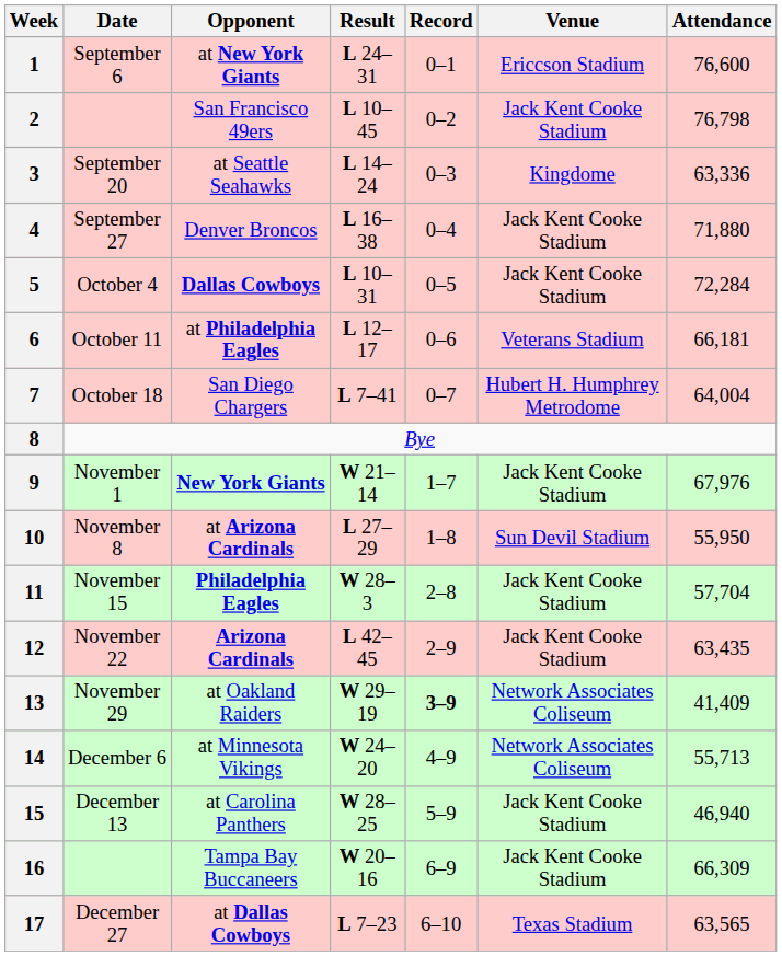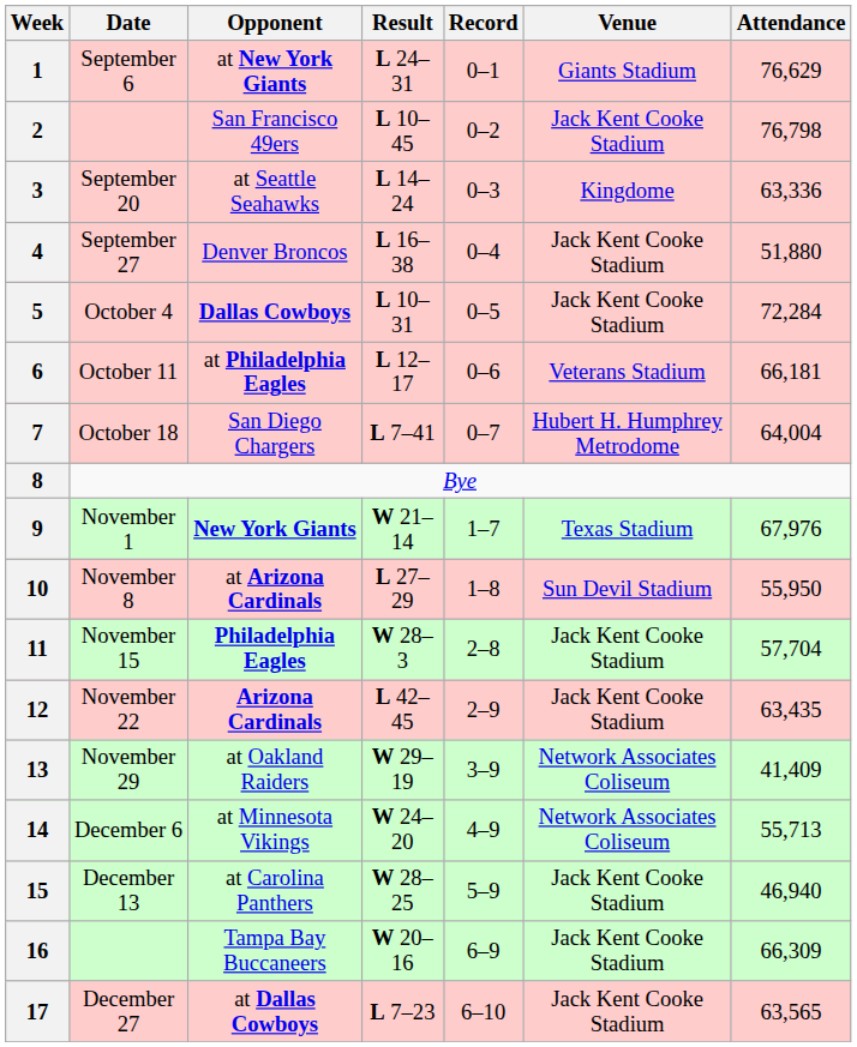 <table class="wikitable" style="text-align:center">
 <tr>
 <th>Week</th>
 <th>Date</th>
 <th>Opponent</th>
 <th>Result</th>
 <th>Record</th>
 <th>Venue</th>
 <th>Attendance</th>
 </tr>
 <tr style="background:#fcc">
 <th>1</th>
 <td>September 6</td>
 <td>at <strong><a href='#'>New York Giants</a></strong></td>
 <td><strong>L</strong> 24–31</td>
 <td>0–1</td>
-<td><a href='#'>Ericcson Stadium</a></td>
-<td>76,600</td>
+<td><a href='#'>Giants Stadium</a></td>
+<td>76,629</td>
 </tr>
 <tr style="background:#fcc">
 <th>2</th>
 <td></td>
 <td><a href='#'>San Francisco 49ers</a></td>
 <td><strong>L</strong> 10–45</td>
 <td>0–2</td>
 <td><a href='#'>Jack Kent Cooke Stadium</a></td>
 <td>76,798</td>
 </tr>
 <tr style="background:#fcc">
 <th>3</th>
 <td>September 20</td>
 <td>at <a href='#'>Seattle Seahawks</a></td>
 <td><strong>L</strong> 14–24</td>
 <td>0–3</td>
 <td><a href='#'>Kingdome</a></td>
 <td>63,336</td>
 </tr>
 <tr style="background:#fcc">
 <th>4</th>
 <td>September 27</td>
 <td><a href='#'>Denver Broncos</a></td>
 <td><strong>L</strong> 16–38</td>
 <td>0–4</td>
 <td>Jack Kent Cooke Stadium</td>
-<td>71,880</td>
+<td>51,880</td>
 </tr>
 <tr style="background:#fcc">
 <th>5</th>
 <td>October 4</td>
 <td><strong><a href='#'>Dallas Cowboys</a></strong></td>
 <td><strong>L</strong> 10–31</td>
 <td>0–5</td>
 <td>Jack Kent Cooke Stadium</td>
 <td>72,284</td>
 </tr>
 <tr style="background:#fcc">
 <th>6</th>
 <td>October 11</td>
 <td>at <strong><a href='#'>Philadelphia Eagles</a></strong></td>
 <td><strong>L</strong> 12–17</td>
 <td>0–6</td>
 <td><a href='#'>Veterans Stadium</a></td>
 <td>66,181</td>
 </tr>
 <tr style="background:#fcc">
 <th>7</th>
 <td>October 18</td>
 <td><a href='#'>San Diego Chargers</a></td>
 <td><strong>L</strong> 7–41</td>
 <td>0–7</td>
 <td><a href='#'>Hubert H. Humphrey Metrodome</a></td>
 <td>64,004</td>
 </tr>
 <tr>
 <th>8</th>
 <td colspan=7 align="center"><em><a href='#'>Bye</a></em></td>
 </tr>
 <tr style="background:#cfc">
 <th>9</th>
 <td>November 1</td>
 <td><strong><a href='#'>New York Giants</a></strong></td>
 <td><strong>W</strong> 21–14</td>
 <td>1–7</td>
-<td>Jack Kent Cooke Stadium</td>
+<td><a href='#'>Texas Stadium</a></td>
 <td>67,976</td>
 </tr>
 <tr style="background:#fcc">
 <th>10</th>
 <td>November 8</td>
 <td>at <strong><a href='#'>Arizona Cardinals</a></strong></td>
 <td><strong>L</strong> 27–29</td>
 <td>1–8</td>
 <td><a href='#'>Sun Devil Stadium</a></td>
 <td>55,950</td>
 </tr>
 <tr style="background:#cfc">
 <th>11</th>
 <td>November 15</td>
 <td><strong><a href='#'>Philadelphia Eagles</a></strong></td>
 <td><strong>W</strong> 28–3</td>
 <td>2–8</td>
 <td>Jack Kent Cooke Stadium</td>
 <td>57,704</td>
 </tr>
 <tr style="background:#fcc">
 <th>12</th>
 <td>November 22</td>
 <td><strong><a href='#'>Arizona Cardinals</a></strong></td>
 <td><strong>L</strong> 42–45</td>
 <td>2–9</td>
 <td>Jack Kent Cooke Stadium</td>
 <td>63,435</td>
 </tr>
 <tr style="background:#cfc">
 <th>13</th>
 <td>November 29</td>
 <td>at <a href='#'>Oakland Raiders</a></td>
 <td><strong>W</strong> 29–19</td>
-<td><strong>3–9</strong></td>
+<td>3–9</td>
 <td><a href='#'>Network Associates Coliseum</a></td>
 <td>41,409</td>
 </tr>
 <tr style="background:#cfc">
 <th>14</th>
 <td>December 6</td>
 <td>at <a href='#'>Minnesota Vikings</a></td>
 <td><strong>W</strong> 24–20</td>
 <td>4–9</td>
 <td><a href='#'>Network Associates Coliseum</a></td>
 <td>55,713</td>
 </tr>
 <tr style="background:#cfc">
 <th>15</th>
 <td>December 13</td>
 <td>at <a href='#'>Carolina Panthers</a></td>
 <td><strong>W</strong> 28–25</td>
 <td>5–9</td>
 <td>Jack Kent Cooke Stadium</td>
 <td>46,940</td>
 </tr>
 <tr style="background:#cfc">
 <th>16</th>
 <td></td>
 <td><a href='#'>Tampa Bay Buccaneers</a></td>
 <td><strong>W</strong> 20–16</td>
 <td>6–9</td>
 <td>Jack Kent Cooke Stadium</td>
 <td>66,309</td>
 </tr>
 <tr style="background:#fcc">
 <th>17</th>
 <td>December 27</td>
 <td>at <strong><a href='#'>Dallas Cowboys</a></strong></td>
 <td><strong>L</strong> 7–23</td>
 <td>6–10</td>
-<td><a href='#'>Texas Stadium</a></td>
+<td>Jack Kent Cooke Stadium</td>
 <td>63,565</td>
 </tr>
 </table>
